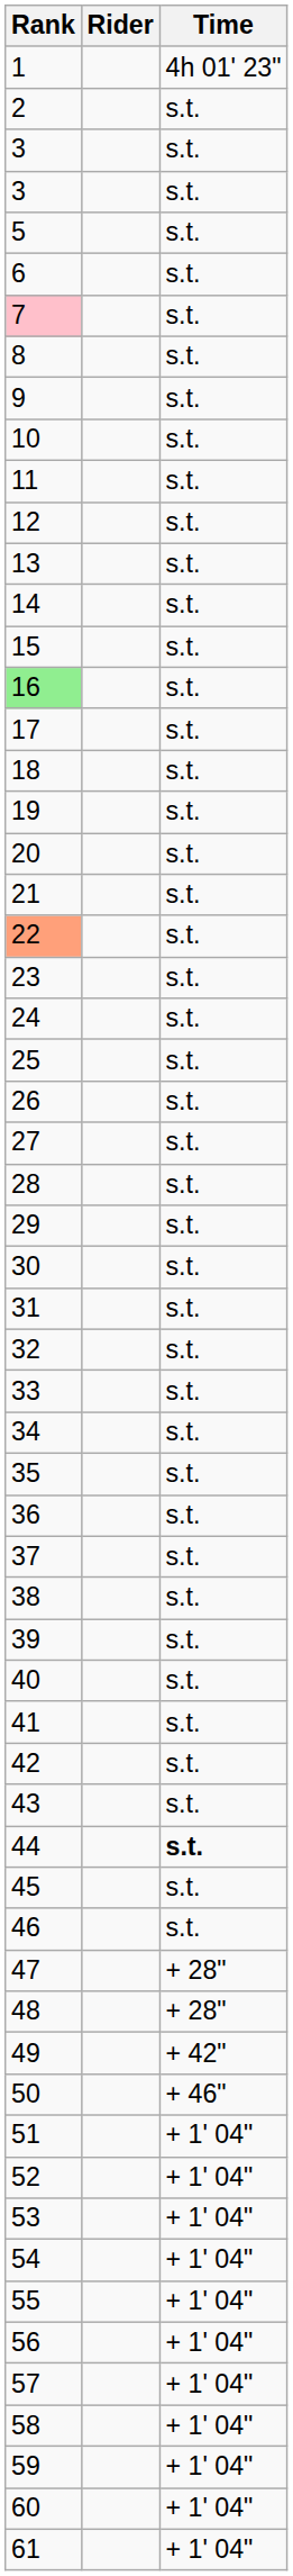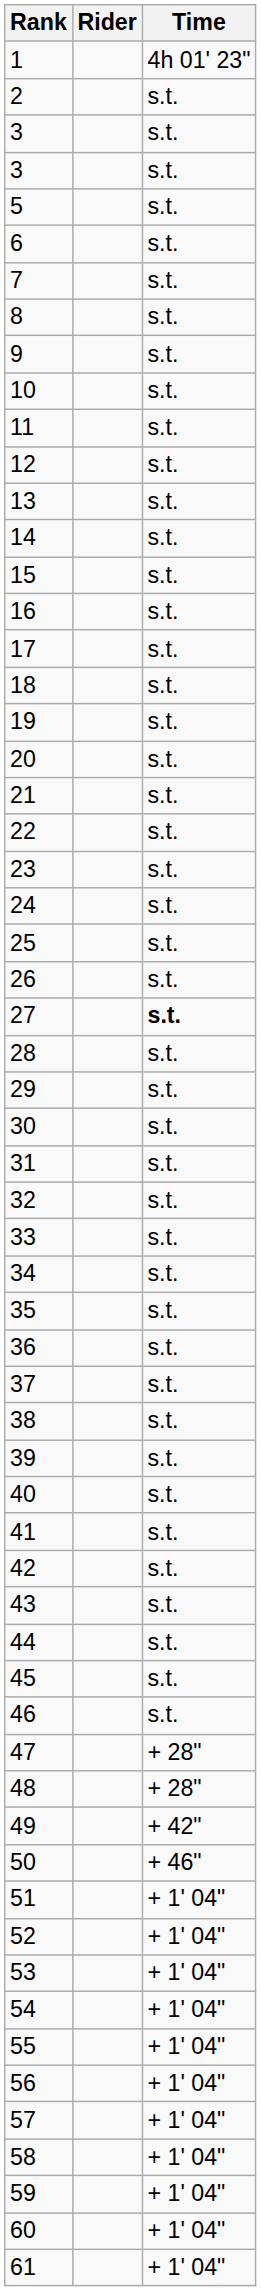 <table class="wikitable">
 <tr>
 <th>Rank</th>
 <th>Rider</th>
 <th>Time</th>
 </tr>
 <tr>
 <td>1</td>
 <td></td>
 <td>4h 01' 23"</td>
 </tr>
 <tr>
 <td>2</td>
 <td></td>
 <td>s.t.</td>
 </tr>
 <tr>
 <td>3</td>
 <td></td>
 <td>s.t.</td>
 </tr>
 <tr>
 <td>3</td>
 <td></td>
 <td>s.t.</td>
 </tr>
 <tr>
 <td>5</td>
 <td></td>
 <td>s.t.</td>
 </tr>
 <tr>
 <td>6</td>
 <td></td>
 <td>s.t.</td>
 </tr>
 <tr>
-<td style="background: pink;">7</td>
+<td>7</td>
 <td></td>
 <td>s.t.</td>
 </tr>
 <tr>
 <td>8</td>
 <td></td>
 <td>s.t.</td>
 </tr>
 <tr>
 <td>9</td>
 <td></td>
 <td>s.t.</td>
 </tr>
 <tr>
 <td>10</td>
 <td></td>
 <td>s.t.</td>
 </tr>
 <tr>
 <td>11</td>
 <td></td>
 <td>s.t.</td>
 </tr>
 <tr>
 <td>12</td>
 <td></td>
 <td>s.t.</td>
 </tr>
 <tr>
 <td>13</td>
 <td></td>
 <td>s.t.</td>
 </tr>
 <tr>
 <td>14</td>
 <td></td>
 <td>s.t.</td>
 </tr>
 <tr>
 <td>15</td>
 <td></td>
 <td>s.t.</td>
 </tr>
 <tr>
-<td style="background: lightgreen;">16</td>
+<td>16</td>
 <td></td>
 <td>s.t.</td>
 </tr>
 <tr>
 <td>17</td>
 <td></td>
 <td>s.t.</td>
 </tr>
 <tr>
 <td>18</td>
 <td></td>
 <td>s.t.</td>
 </tr>
 <tr>
 <td>19</td>
 <td></td>
 <td>s.t.</td>
 </tr>
 <tr>
 <td>20</td>
 <td></td>
 <td>s.t.</td>
 </tr>
 <tr>
 <td>21</td>
 <td></td>
 <td>s.t.</td>
 </tr>
 <tr>
-<td style="background: lightsalmon;">22</td>
+<td>22</td>
 <td></td>
 <td>s.t.</td>
 </tr>
 <tr>
 <td>23</td>
 <td></td>
 <td>s.t.</td>
 </tr>
 <tr>
 <td>24</td>
 <td></td>
 <td>s.t.</td>
 </tr>
 <tr>
 <td>25</td>
 <td></td>
 <td>s.t.</td>
 </tr>
 <tr>
 <td>26</td>
 <td></td>
 <td>s.t.</td>
 </tr>
 <tr>
 <td>27</td>
 <td></td>
-<td>s.t.</td>
+<td><strong>s.t.</strong></td>
 </tr>
 <tr>
 <td>28</td>
 <td></td>
 <td>s.t.</td>
 </tr>
 <tr>
 <td>29</td>
 <td></td>
 <td>s.t.</td>
 </tr>
 <tr>
 <td>30</td>
 <td></td>
 <td>s.t.</td>
 </tr>
 <tr>
 <td>31</td>
 <td></td>
 <td>s.t.</td>
 </tr>
 <tr>
 <td>32</td>
 <td></td>
 <td>s.t.</td>
 </tr>
 <tr>
 <td>33</td>
 <td></td>
 <td>s.t.</td>
 </tr>
 <tr>
 <td>34</td>
 <td></td>
 <td>s.t.</td>
 </tr>
 <tr>
 <td>35</td>
 <td></td>
 <td>s.t.</td>
 </tr>
 <tr>
 <td>36</td>
 <td></td>
 <td>s.t.</td>
 </tr>
 <tr>
 <td>37</td>
 <td></td>
 <td>s.t.</td>
 </tr>
 <tr>
 <td>38</td>
 <td></td>
 <td>s.t.</td>
 </tr>
 <tr>
 <td>39</td>
 <td></td>
 <td>s.t.</td>
 </tr>
 <tr>
 <td>40</td>
 <td></td>
 <td>s.t.</td>
 </tr>
 <tr>
 <td>41</td>
 <td></td>
 <td>s.t.</td>
 </tr>
 <tr>
 <td>42</td>
 <td></td>
 <td>s.t.</td>
 </tr>
 <tr>
 <td>43</td>
 <td></td>
 <td>s.t.</td>
 </tr>
 <tr>
 <td>44</td>
 <td></td>
-<td><strong>s.t.</strong></td>
+<td>s.t.</td>
 </tr>
 <tr>
 <td>45</td>
 <td></td>
 <td>s.t.</td>
 </tr>
 <tr>
 <td>46</td>
 <td></td>
 <td>s.t.</td>
 </tr>
 <tr>
 <td>47</td>
 <td></td>
 <td>+ 28"</td>
 </tr>
 <tr>
 <td>48</td>
 <td></td>
 <td>+ 28"</td>
 </tr>
 <tr>
 <td>49</td>
 <td></td>
 <td>+ 42"</td>
 </tr>
 <tr>
 <td>50</td>
 <td></td>
 <td>+ 46"</td>
 </tr>
 <tr>
 <td>51</td>
 <td></td>
 <td>+ 1' 04"</td>
 </tr>
 <tr>
 <td>52</td>
 <td></td>
 <td>+ 1' 04"</td>
 </tr>
 <tr>
 <td>53</td>
 <td></td>
 <td>+ 1' 04"</td>
 </tr>
 <tr>
 <td>54</td>
 <td></td>
 <td>+ 1' 04"</td>
 </tr>
 <tr>
 <td>55</td>
 <td></td>
 <td>+ 1' 04"</td>
 </tr>
 <tr>
 <td>56</td>
 <td></td>
 <td>+ 1' 04"</td>
 </tr>
 <tr>
 <td>57</td>
 <td></td>
 <td>+ 1' 04"</td>
 </tr>
 <tr>
 <td>58</td>
 <td></td>
 <td>+ 1' 04"</td>
 </tr>
 <tr>
 <td>59</td>
 <td></td>
 <td>+ 1' 04"</td>
 </tr>
 <tr>
 <td>60</td>
 <td></td>
 <td>+ 1' 04"</td>
 </tr>
 <tr>
 <td>61</td>
 <td></td>
 <td>+ 1' 04"</td>
 </tr>
 </table>
